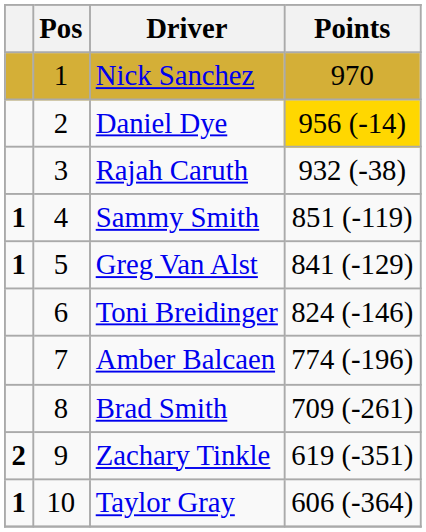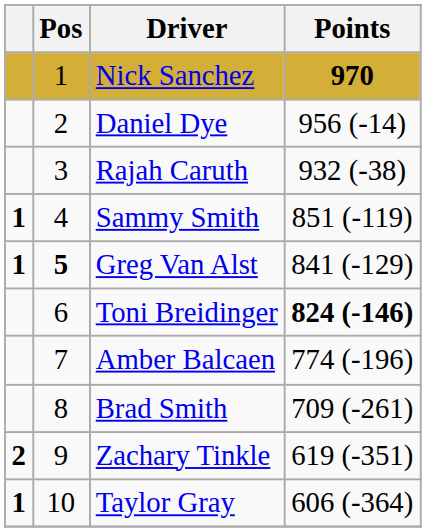 <table class="wikitable" style="font-size: 95%;">
 <tr>
 <th></th>
 <th>Pos</th>
 <th>Driver</th>
 <th>Points</th>
 </tr>
 <tr style="background:#D4AF37;">
 <td align="left"></td>
 <td style="text-align:center;">1</td>
 <td><a href='#'>Nick Sanchez</a></td>
-<td style="text-align:center;">970</td>
+<td style="text-align:center;"><strong>970</strong></td>
 </tr>
 <tr>
 <td align="left"></td>
 <td style="text-align:center;">2</td>
 <td><a href='#'>Daniel Dye</a></td>
-<td style="background: gold; text-align:center;">956 (-14)</td>
+<td style="text-align:center;">956 (-14)</td>
 </tr>
 <tr>
 <td align="left"></td>
 <td style="text-align:center;">3</td>
 <td><a href='#'>Rajah Caruth</a></td>
 <td style="text-align:center;">932 (-38)</td>
 </tr>
 <tr>
 <td align="left"> <strong>1</strong></td>
 <td style="text-align:center;">4</td>
 <td><a href='#'>Sammy Smith</a></td>
 <td style="text-align:center;">851 (-119)</td>
 </tr>
 <tr>
 <td align="left"> <strong>1</strong></td>
-<td style="text-align:center;">5</td>
+<td style="text-align:center;"><strong>5</strong></td>
 <td><a href='#'>Greg Van Alst</a></td>
 <td style="text-align:center;">841 (-129)</td>
 </tr>
 <tr>
 <td align="left"></td>
 <td style="text-align:center;">6</td>
 <td><a href='#'>Toni Breidinger</a></td>
-<td style="text-align:center;">824 (-146)</td>
+<td style="text-align:center;"><strong>824 (-146)</strong></td>
 </tr>
 <tr>
 <td align="left"></td>
 <td style="text-align:center;">7</td>
 <td><a href='#'>Amber Balcaen</a></td>
 <td style="text-align:center;">774 (-196)</td>
 </tr>
 <tr>
 <td align="left"></td>
 <td style="text-align:center;">8</td>
 <td><a href='#'>Brad Smith</a></td>
 <td style="text-align:center;">709 (-261)</td>
 </tr>
 <tr>
 <td align="left"> <strong>2</strong></td>
 <td style="text-align:center;">9</td>
 <td><a href='#'>Zachary Tinkle</a></td>
 <td style="text-align:center;">619 (-351)</td>
 </tr>
 <tr>
 <td align="left"> <strong>1</strong></td>
 <td style="text-align:center;">10</td>
 <td><a href='#'>Taylor Gray</a></td>
 <td style="text-align:center;">606 (-364)</td>
 </tr>
 <tr class="sortbottom">
 </tr>
 </table>
